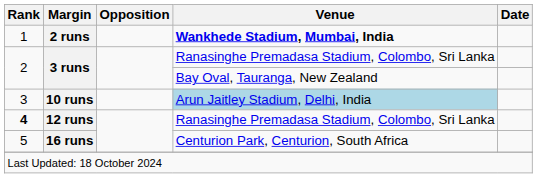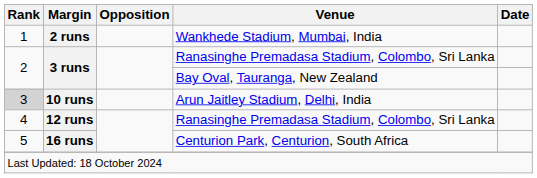 <table class="wikitable plainrowheaders sortable">
 <tr>
 <th scope=col>Rank</th>
 <th scope=col>Margin</th>
 <th scope=col>Opposition</th>
 <th scope=col>Venue</th>
 <th scope=col>Date</th>
 </tr>
 <tr>
 <td align=center>1</td>
 <th scope=row style=text-align:center>2 runs</th>
 <td></td>
-<td><strong><a href='#'>Wankhede Stadium</a>, <a href='#'>Mumbai</a>, India</strong></td>
+<td><a href='#'>Wankhede Stadium</a>, <a href='#'>Mumbai</a>, India</td>
 <td></td>
 </tr>
 <tr>
 <td align=center rowspan=2>2</td>
 <th scope=row style=text-align:center rowspan=2>3 runs</th>
 <td rowspan=2></td>
 <td><a href='#'>Ranasinghe Premadasa Stadium</a>, <a href='#'>Colombo</a>, Sri Lanka</td>
 <td></td>
 </tr>
 <tr>
 <td><a href='#'>Bay Oval</a>, <a href='#'>Tauranga</a>, New Zealand</td>
 <td></td>
 </tr>
 <tr>
-<td align=center>3</td>
+<td align=center style="background: lightgrey;">3</td>
 <th scope=row style=text-align:center;>10 runs</th>
 <td></td>
-<td style="background: lightblue;"><a href='#'>Arun Jaitley Stadium</a>, <a href='#'>Delhi</a>, India</td>
+<td><a href='#'>Arun Jaitley Stadium</a>, <a href='#'>Delhi</a>, India</td>
 <td> </td>
 </tr>
 <tr>
-<td align=center><strong>4</strong></td>
+<td align=center>4</td>
 <th scope=row style=text-align:center;>12 runs</th>
 <td rowspan=2></td>
 <td><a href='#'>Ranasinghe Premadasa Stadium</a>, <a href='#'>Colombo</a>, Sri Lanka</td>
 <td></td>
 </tr>
 <tr>
 <td align=center>5</td>
 <th scope=row style=text-align:center;>16 runs</th>
 <td><a href='#'>Centurion Park</a>, <a href='#'>Centurion</a>, South Africa</td>
 <td></td>
 </tr>
 <tr>
 </tr>
 <tr class=sortbottom>
 <td colspan=5><small>Last Updated: 18 October 2024</small></td>
 </tr>
 </table>
